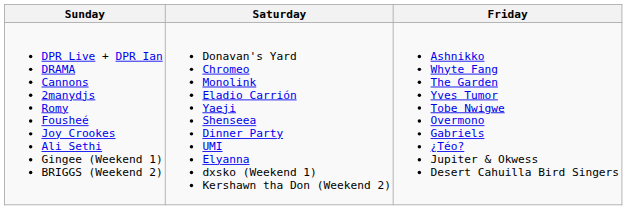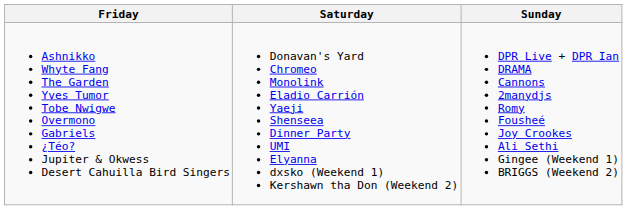 <table class="wikitable">
 <tr>
+<th>Friday</th>
+<th>Saturday</th>
 <th>Sunday</th>
-<th>Saturday</th>
-<th>Friday</th>
 </tr>
 <tr valign="top">
+<td><br><ul><li><a href='#'>Ashnikko</a></li><li><a href='#'>Whyte Fang</a></li><li><a href='#'>The Garden</a></li><li><a href='#'>Yves Tumor</a></li><li><a href='#'>Tobe Nwigwe</a></li><li><a href='#'>Overmono</a></li><li><a href='#'>Gabriels</a></li><li><a href='#'>¿Téo?</a></li><li>Jupiter & Okwess</li><li>Desert Cahuilla Bird Singers</li></ul></td>
+<td><br><ul><li>Donavan's Yard</li><li><a href='#'>Chromeo</a></li><li><a href='#'>Monolink</a></li><li><a href='#'>Eladio Carrión</a></li><li><a href='#'>Yaeji</a></li><li><a href='#'>Shenseea</a></li><li><a href='#'>Dinner Party</a></li><li><a href='#'>UMI</a></li><li><a href='#'>Elyanna</a></li><li>dxsko (Weekend 1)</li><li>Kershawn tha Don (Weekend 2)</li></ul></td>
 <td><br><ul><li><a href='#'>DPR Live</a> + <a href='#'>DPR Ian</a></li><li><a href='#'>DRAMA</a></li><li><a href='#'>Cannons</a></li><li><a href='#'>2manydjs</a></li><li><a href='#'>Romy</a></li><li><a href='#'>Fousheé</a></li><li><a href='#'>Joy Crookes</a></li><li><a href='#'>Ali Sethi</a></li><li>Gingee (Weekend 1)</li><li>BRIGGS (Weekend 2)</li></ul></td>
-<td><br><ul><li>Donavan's Yard</li><li><a href='#'>Chromeo</a></li><li><a href='#'>Monolink</a></li><li><a href='#'>Eladio Carrión</a></li><li><a href='#'>Yaeji</a></li><li><a href='#'>Shenseea</a></li><li><a href='#'>Dinner Party</a></li><li><a href='#'>UMI</a></li><li><a href='#'>Elyanna</a></li><li>dxsko (Weekend 1)</li><li>Kershawn tha Don (Weekend 2)</li></ul></td>
-<td><br><ul><li><a href='#'>Ashnikko</a></li><li><a href='#'>Whyte Fang</a></li><li><a href='#'>The Garden</a></li><li><a href='#'>Yves Tumor</a></li><li><a href='#'>Tobe Nwigwe</a></li><li><a href='#'>Overmono</a></li><li><a href='#'>Gabriels</a></li><li><a href='#'>¿Téo?</a></li><li>Jupiter & Okwess</li><li>Desert Cahuilla Bird Singers</li></ul></td>
 </tr>
 </table>
